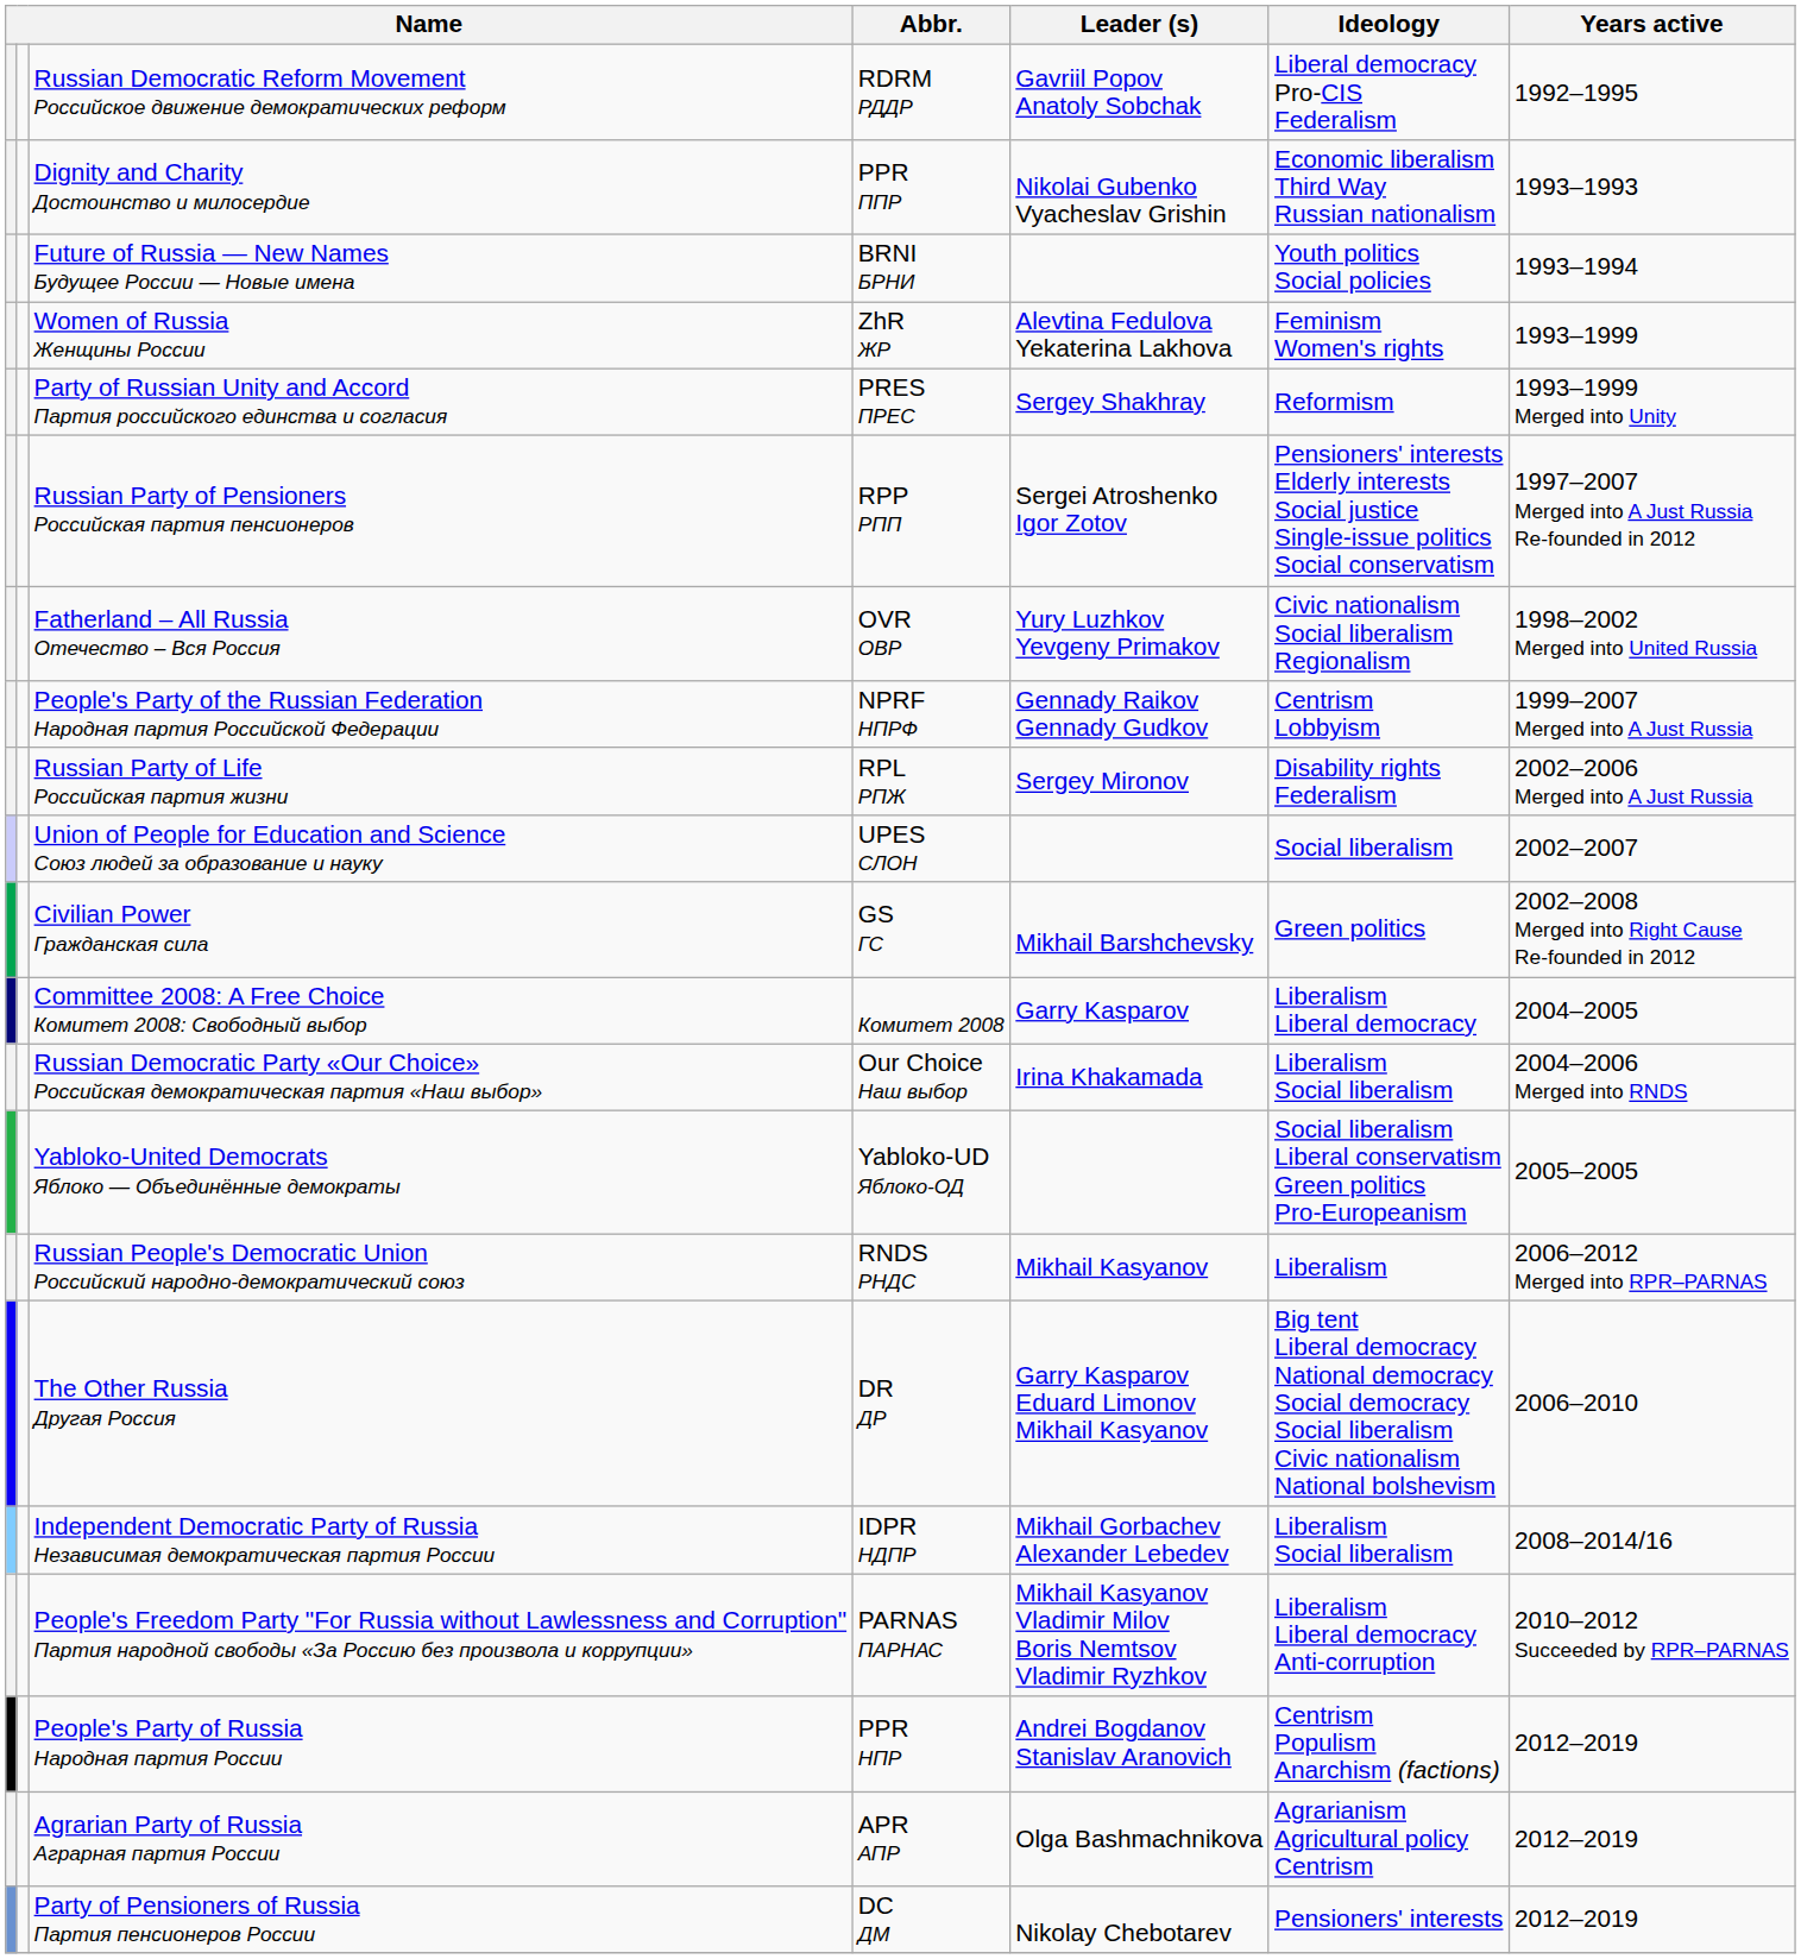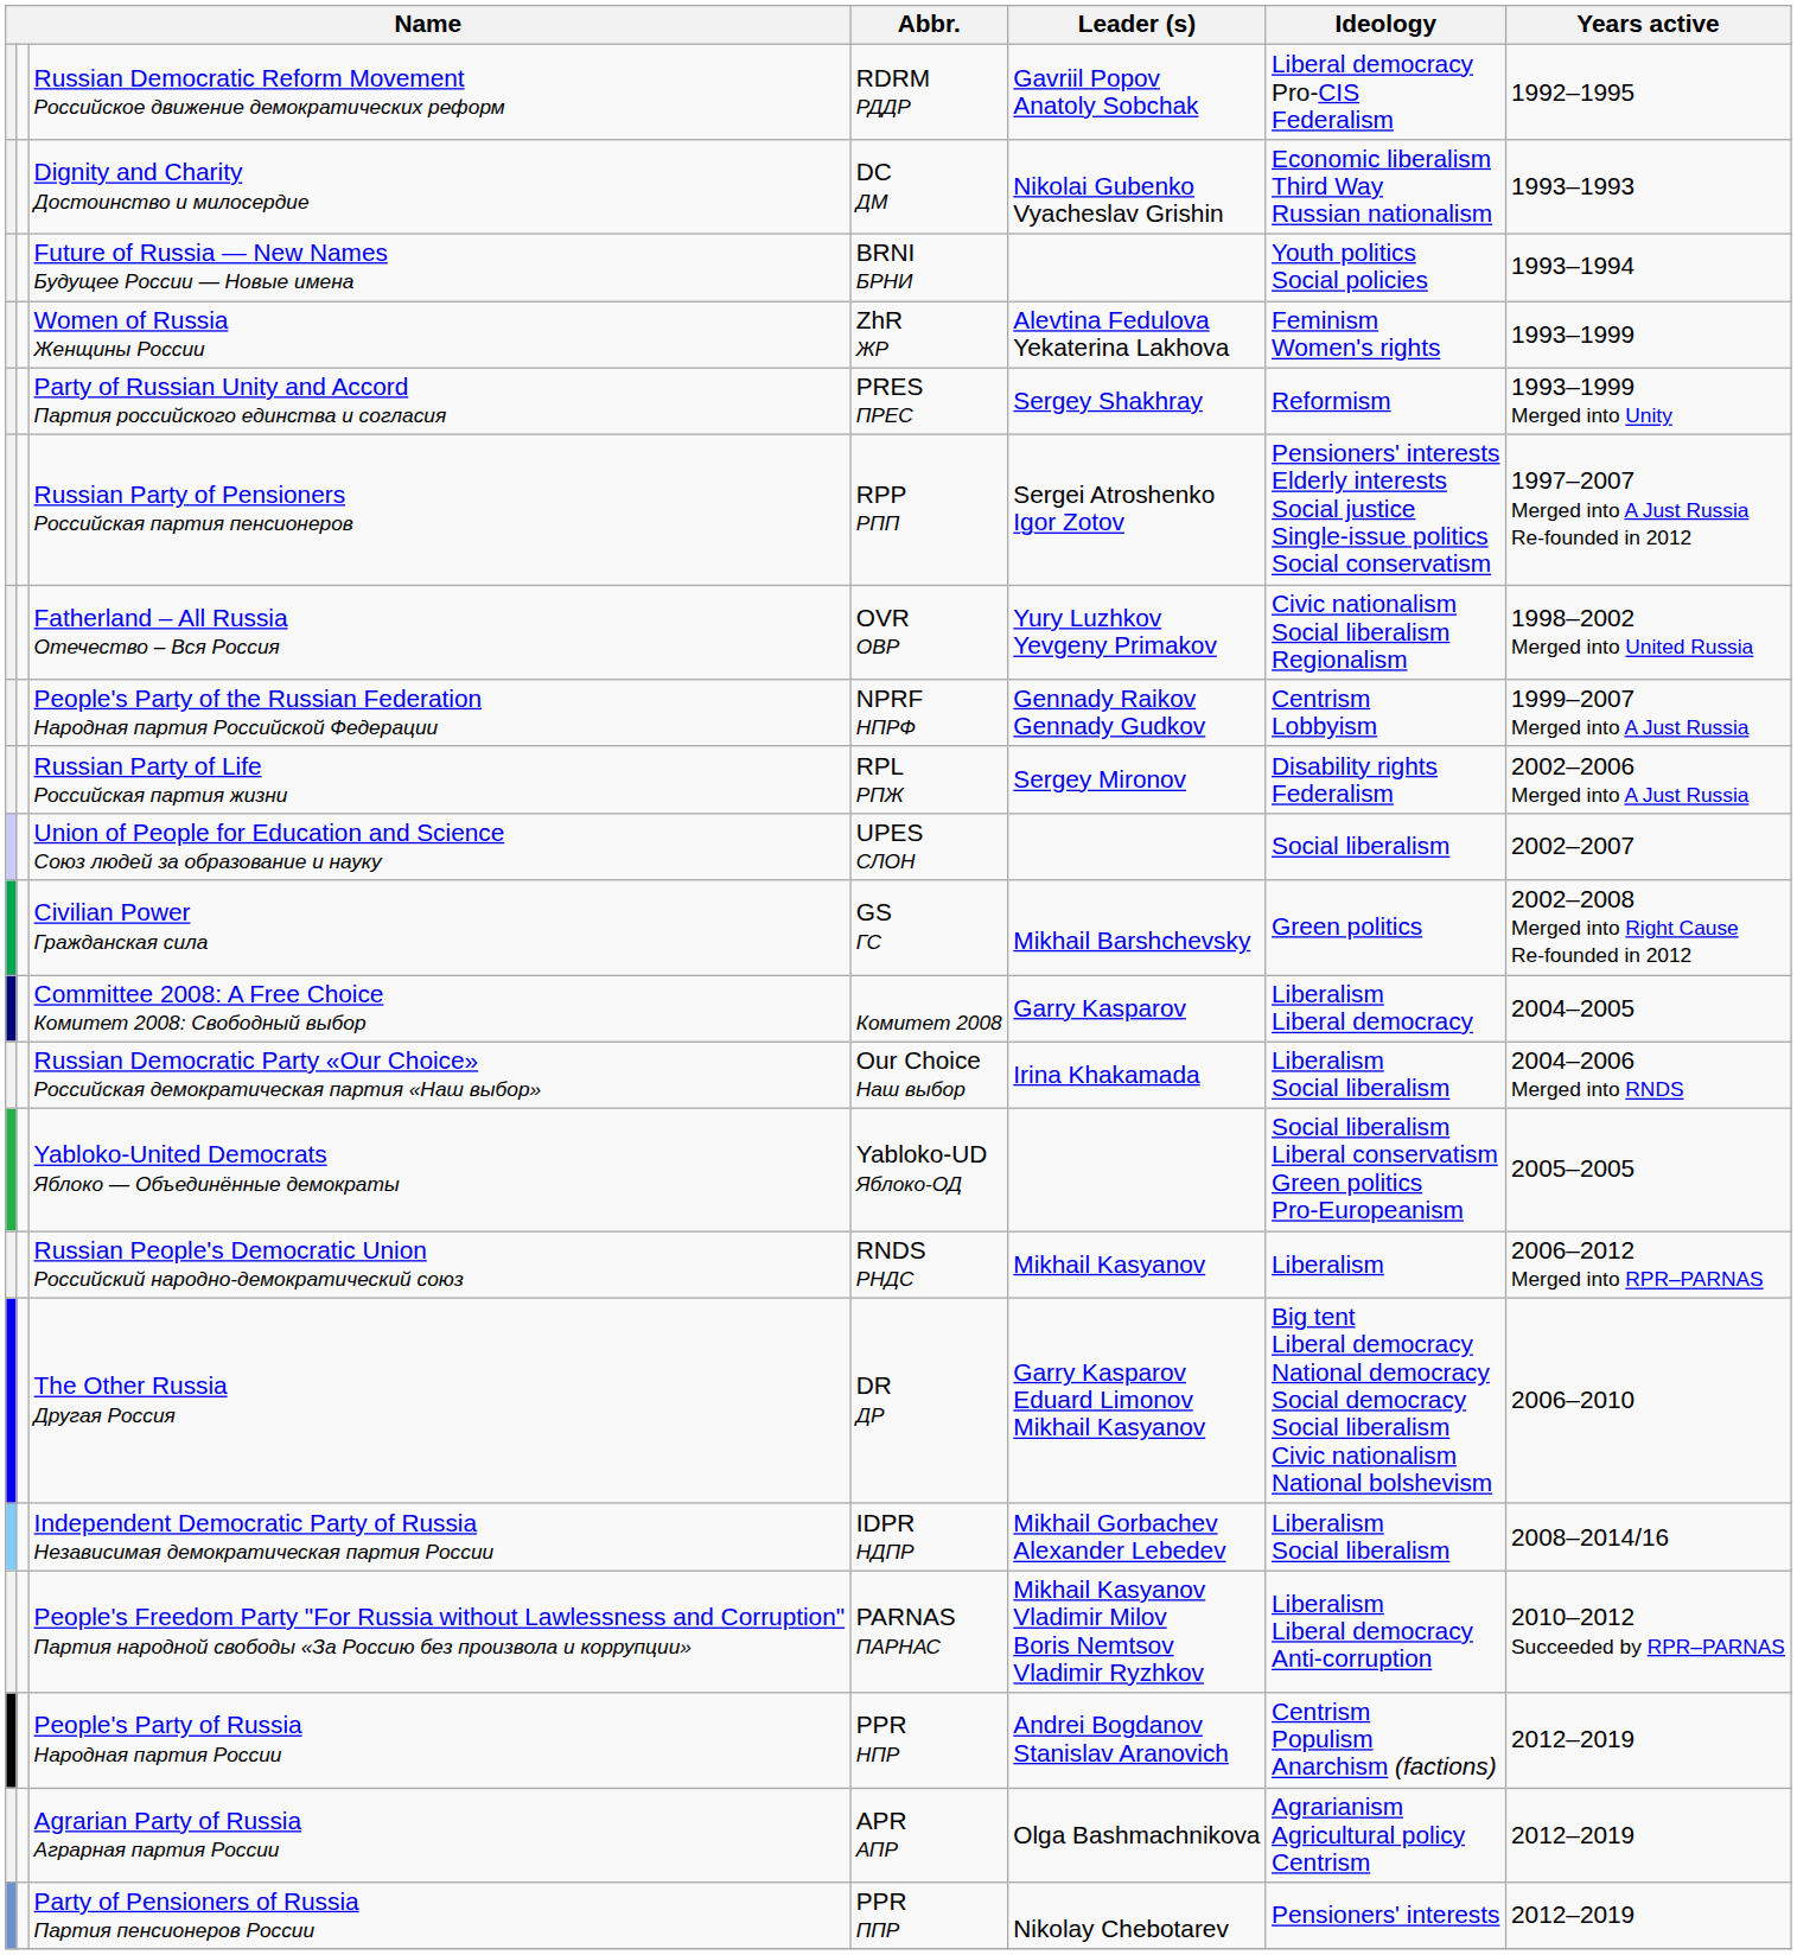 <table class="wikitable sortable">
 <tr>
 <th colspan=3>Name</th>
 <th>Abbr.</th>
 <th>Leader (s)</th>
 <th>Ideology</th>
 <th>Years active</th>
 </tr>
 <tr>
 <th style="background:"></th>
 <td></td>
 <td><a href='#'>Russian Democratic Reform Movement</a><br><small><em>Российское движение демократических реформ</em></small></td>
 <td>RDRM<br><small><em>РДДР</em></small></td>
 <td><a href='#'>Gavriil Popov</a><br><a href='#'>Anatoly Sobchak</a></td>
 <td><a href='#'>Liberal democracy</a><br>Pro-<a href='#'>CIS</a><br><a href='#'>Federalism</a></td>
 <td>1992–1995</td>
 </tr>
 <tr>
 <th style="background:"></th>
 <td></td>
 <td><a href='#'>Dignity and Charity</a><br><small><em>Достоинство и милосердие</em></small></td>
-<td>PPR<br><small><em>ППР</em></small></td>
+<td>DC<br><small><em>ДМ</em></small></td>
 <td><br><a href='#'>Nikolai Gubenko</a><br>Vyacheslav Grishin</td>
 <td><a href='#'>Economic liberalism</a><br><a href='#'>Third Way</a><br><a href='#'>Russian nationalism</a></td>
 <td>1993–1993</td>
 </tr>
 <tr>
 <th style="background:"></th>
 <td></td>
 <td><a href='#'>Future of Russia — New Names</a><br><small><em>Будущее России — Новые имена</em></small></td>
 <td>BRNI<br><small><em>БРНИ</em></small></td>
 <td></td>
 <td><a href='#'>Youth politics</a><br><a href='#'>Social policies</a></td>
 <td>1993–1994</td>
 </tr>
 <tr>
 <th style="background:"></th>
 <td></td>
 <td><a href='#'>Women of Russia</a><br><small><em>Женщины России</em></small></td>
 <td>ZhR<br><small><em>ЖР</em></small></td>
 <td><a href='#'>Alevtina Fedulova</a><br>Yekaterina Lakhova</td>
 <td><a href='#'>Feminism</a><br><a href='#'>Women's rights</a></td>
 <td>1993–1999</td>
 </tr>
 <tr>
 <th style="background:"></th>
 <td></td>
 <td><a href='#'>Party of Russian Unity and Accord</a><br><small><em>Партия российского единства и согласия</em></small></td>
 <td>PRES<br><small><em>ПРЕС</em></small></td>
 <td><a href='#'>Sergey Shakhray</a></td>
 <td><a href='#'>Reformism</a></td>
 <td>1993–1999<br><small>Merged into <a href='#'>Unity</a></small></td>
 </tr>
 <tr>
 <th style="background:"></th>
 <td></td>
 <td><a href='#'>Russian Party of Pensioners</a><br><small><em>Российская партия пенсионеров</em></small></td>
 <td>RPP<br><small><em>РПП</em></small></td>
 <td>Sergei Atroshenko<br><a href='#'>Igor Zotov</a></td>
 <td><a href='#'>Pensioners' interests</a><br><a href='#'>Elderly interests</a><br><a href='#'>Social justice</a><br><a href='#'>Single-issue politics</a><br><a href='#'>Social conservatism</a></td>
 <td>1997–2007<br><small>Merged into <a href='#'>A Just Russia</a><br>Re-founded in 2012</small></td>
 </tr>
 <tr>
 <th style="background:"></th>
 <td></td>
 <td><a href='#'>Fatherland – All Russia</a><br><small><em>Отечество – Вся Россия</em></small></td>
 <td>OVR<br><small><em>ОВР</em></small></td>
 <td><a href='#'>Yury Luzhkov</a><br><a href='#'>Yevgeny Primakov</a></td>
 <td><a href='#'>Civic nationalism</a><br><a href='#'>Social liberalism</a><br><a href='#'>Regionalism</a></td>
 <td>1998–2002<br><small>Merged into <a href='#'>United Russia</a></small></td>
 </tr>
 <tr>
 <th style="background:"></th>
 <td></td>
 <td><a href='#'>People's Party of the Russian Federation</a><br><small><em>Народная партия Российской Федерации</em></small></td>
 <td>NPRF<br><small><em>НПРФ</em></small></td>
 <td><a href='#'>Gennady Raikov</a><br><a href='#'>Gennady Gudkov</a></td>
 <td><a href='#'>Centrism</a><br><a href='#'>Lobbyism</a></td>
 <td>1999–2007<br><small>Merged into <a href='#'>A Just Russia</a></small></td>
 </tr>
 <tr>
 <th style="background:"></th>
 <td></td>
 <td><a href='#'>Russian Party of Life</a><br><small><em>Российская партия жизни</em></small></td>
 <td>RPL<br><small><em>РПЖ</em></small></td>
 <td><a href='#'>Sergey Mironov</a></td>
 <td><a href='#'>Disability rights</a><br><a href='#'>Federalism</a></td>
 <td>2002–2006<br><small>Merged into <a href='#'>A Just Russia</a></small></td>
 </tr>
 <tr>
 <th style="background:#CACBFB;"></th>
 <td></td>
 <td><a href='#'>Union of People for Education and Science</a><br><small><em>Союз людей за образование и науку</em></small></td>
 <td>UPES<br><small><em>СЛОН</em></small></td>
 <td></td>
 <td><a href='#'>Social liberalism</a><br></td>
 <td>2002–2007</td>
 </tr>
 <tr>
 <th style="background:#00A650;"></th>
 <td></td>
 <td><a href='#'>Civilian Power</a><br><small><em>Гражданская сила</em></small></td>
 <td>GS<br><small><em>ГС</em></small></td>
 <td><br><a href='#'>Mikhail Barshchevsky</a></td>
 <td><a href='#'>Green politics</a></td>
 <td>2002–2008<br><small>Merged into <a href='#'>Right Cause</a><br>Re-founded in 2012</small></td>
 </tr>
 <tr>
 <th style="background:#030578;"></th>
 <td></td>
 <td><a href='#'>Committee 2008: A Free Choice</a><br><small><em>Комитет 2008: Свободный выбор</em></small></td>
 <td><br><small><em>Комитет 2008</em></small></td>
 <td><a href='#'>Garry Kasparov</a></td>
 <td><a href='#'>Liberalism</a><br><a href='#'>Liberal democracy</a></td>
 <td>2004–2005<br><small></small></td>
 </tr>
 <tr>
 <th style="background:"></th>
 <td></td>
 <td><a href='#'>Russian Democratic Party «Our Choice»</a><br><small><em>Российская демократическая партия «Наш выбор»</em></small></td>
 <td>Our Choice<br><small><em>Наш выбор</em></small></td>
 <td><a href='#'>Irina Khakamada</a></td>
 <td><a href='#'>Liberalism</a><br><a href='#'>Social liberalism</a></td>
 <td>2004–2006<br><small>Merged into <a href='#'>RNDS</a></small></td>
 </tr>
 <tr>
 <th style="background:#22B148;"></th>
 <td></td>
 <td><a href='#'>Yabloko-United Democrats</a><br><small><em>Яблоко — Объединённые демократы</em></small></td>
 <td>Yabloko-UD<br><small><em>Яблоко-ОД</em></small></td>
 <td></td>
 <td><a href='#'>Social liberalism</a><br><a href='#'>Liberal conservatism</a><br><a href='#'>Green politics</a><br><a href='#'>Pro-Europeanism</a></td>
 <td>2005–2005</td>
 </tr>
 <tr>
 <th style="background:"></th>
 <td></td>
 <td><a href='#'>Russian People's Democratic Union</a><br><small><em>Российский народно-демократический союз</em></small></td>
 <td>RNDS<br><small><em>РНДС</em></small></td>
 <td><a href='#'>Mikhail Kasyanov</a></td>
 <td><a href='#'>Liberalism</a></td>
 <td>2006–2012<br><small>Merged into <a href='#'>RPR–PARNAS</a></small></td>
 </tr>
 <tr>
 <th style="background:#0B00F5;"></th>
 <td></td>
 <td><a href='#'>The Other Russia</a><br><small><em>Другая Россия</em></small></td>
 <td>DR<br><small><em>ДР</em></small></td>
 <td><a href='#'>Garry Kasparov</a><br><a href='#'>Eduard Limonov</a><br><a href='#'>Mikhail Kasyanov</a></td>
 <td><a href='#'>Big tent</a><br><a href='#'>Liberal democracy</a><br><a href='#'>National democracy</a><br><a href='#'>Social democracy</a><br><a href='#'>Social liberalism</a><br><a href='#'>Civic nationalism</a><br><a href='#'>National bolshevism</a></td>
 <td>2006–2010</td>
 </tr>
 <tr>
 <th style="background:#7FCCFF;"></th>
 <td></td>
 <td><a href='#'>Independent Democratic Party of Russia</a><br><small><em>Независимая демократическая партия России</em></small></td>
 <td>IDPR<br><small><em>НДПР</em></small></td>
 <td><a href='#'>Mikhail Gorbachev</a> <br><a href='#'>Alexander Lebedev</a></td>
 <td><a href='#'>Liberalism</a><br><a href='#'>Social liberalism</a></td>
 <td>2008–2014/16</td>
 </tr>
 <tr>
 <th style="background:"></th>
 <td></td>
 <td><a href='#'>People's Freedom Party "For Russia without Lawlessness and Corruption"</a><br><small><em>Партия народной свободы «За Россию без произвола и коррупции»</em></small></td>
 <td>PARNAS<br><small><em>ПАРНАС</em></small></td>
 <td><a href='#'>Mikhail Kasyanov</a><br><a href='#'>Vladimir Milov</a><br><a href='#'>Boris Nemtsov</a><br><a href='#'>Vladimir Ryzhkov</a></td>
 <td><a href='#'>Liberalism</a><br><a href='#'>Liberal democracy</a><br><a href='#'>Anti-corruption</a></td>
 <td>2010–2012<br><small>Succeeded by <a href='#'>RPR–PARNAS</a></small></td>
 </tr>
 <tr>
 <th style="background:#020202;"></th>
 <td></td>
 <td><a href='#'>People's Party of Russia</a><br><small><em>Народная партия России</em></small></td>
 <td>PPR<br><small><em>НПР</em></small></td>
 <td><a href='#'>Andrei Bogdanov</a><br><a href='#'>Stanislav Aranovich</a></td>
 <td><a href='#'>Centrism</a><br><a href='#'>Populism</a><br><a href='#'>Anarchism</a> <em>(factions)</em></td>
 <td>2012–2019</td>
 </tr>
 <tr>
 <th style="background:"></th>
 <td></td>
 <td><a href='#'>Agrarian Party of Russia</a><br><small><em>Аграрная партия России</em></small></td>
 <td>APR<br><small><em>АПР</em></small></td>
 <td>Olga Bashmachnikova</td>
 <td><a href='#'>Agrarianism</a><br><a href='#'>Agricultural policy</a><br><a href='#'>Centrism</a></td>
 <td>2012–2019</td>
 </tr>
 <tr>
 <th style="background:#6991D0;"></th>
 <td></td>
 <td><a href='#'>Party of Pensioners of Russia</a><br><small><em>Партия пенсионеров России</em></small></td>
-<td>DC<br><small><em>ДМ</em></small></td>
+<td>PPR<br><small><em>ППР</em></small></td>
 <td><br>Nikolay Chebotarev</td>
 <td><a href='#'>Pensioners' interests</a></td>
 <td>2012–2019</td>
 </tr>
 <tr>
 </tr>
 </table>
